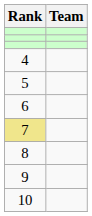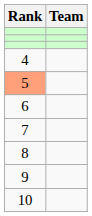 <table class="wikitable" style="text-align: center;">
 <tr>
 <th>Rank</th>
 <th>Team</th>
 </tr>
 <tr bgcolor="#ccffcc">
 <td></td>
 <td align=left></td>
 </tr>
 <tr bgcolor="#ccffcc">
 <td></td>
 <td align=left></td>
 </tr>
 <tr bgcolor="#ccffcc">
 <td></td>
 <td align=left></td>
 </tr>
 <tr>
 <td>4</td>
 <td align=left></td>
 </tr>
 <tr>
-<td>5</td>
+<td style="background: lightsalmon;">5</td>
 <td align=left></td>
 </tr>
 <tr>
 <td>6</td>
 <td align=left></td>
 </tr>
 <tr>
-<td style="background: khaki;">7</td>
+<td>7</td>
 <td align=left></td>
 </tr>
 <tr>
 <td>8</td>
 <td align=left></td>
 </tr>
 <tr>
 <td>9</td>
 <td align=left></td>
 </tr>
 <tr>
 <td>10</td>
 <td align=left></td>
 </tr>
 </table>
